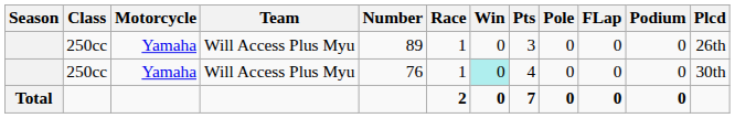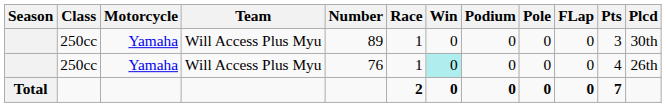 <table class="wikitable">
 <tr>
 <th>Season</th>
 <th>Class</th>
 <th>Motorcycle</th>
 <th>Team</th>
 <th>Number</th>
 <th>Race</th>
 <th>Win</th>
-<th>Pts</th>
+<th>Podium</th>
 <th>Pole</th>
 <th>FLap</th>
-<th>Podium</th>
+<th>Pts</th>
 <th>Plcd</th>
 </tr>
 <tr align="right">
 <th></th>
 <td>250cc</td>
 <td><a href='#'>Yamaha</a></td>
 <td>Will Access Plus Myu</td>
 <td>89</td>
 <td>1</td>
 <td>0</td>
-<td>3</td>
 <td>0</td>
 <td>0</td>
 <td>0</td>
-<td>26th</td>
+<td>3</td>
+<td>30th</td>
 </tr>
 <tr align="right">
 <th></th>
 <td>250cc</td>
 <td><a href='#'>Yamaha</a></td>
 <td>Will Access Plus Myu</td>
 <td>76</td>
 <td>1</td>
 <td style="background: paleturquoise;">0</td>
-<td>4</td>
 <td>0</td>
 <td>0</td>
 <td>0</td>
-<td>30th</td>
+<td>4</td>
+<td>26th</td>
 </tr>
 <tr align="right">
 <th>Total</th>
 <td></td>
 <td></td>
 <td></td>
 <td></td>
 <td><strong>2</strong></td>
 <td><strong>0</strong></td>
-<td><strong>7</strong></td>
 <td><strong>0</strong></td>
 <td><strong>0</strong></td>
 <td><strong>0</strong></td>
+<td><strong>7</strong></td>
 <td></td>
 </tr>
 </table>
